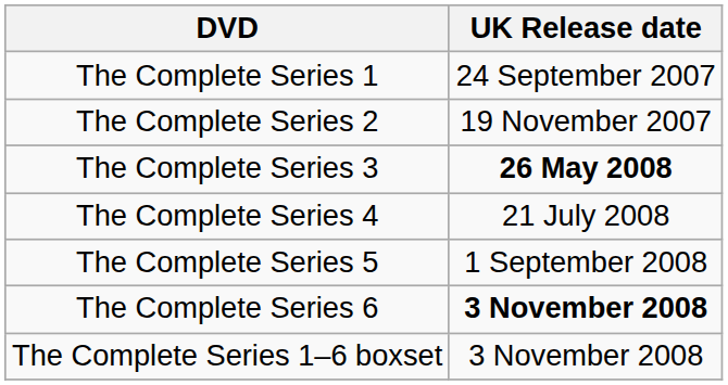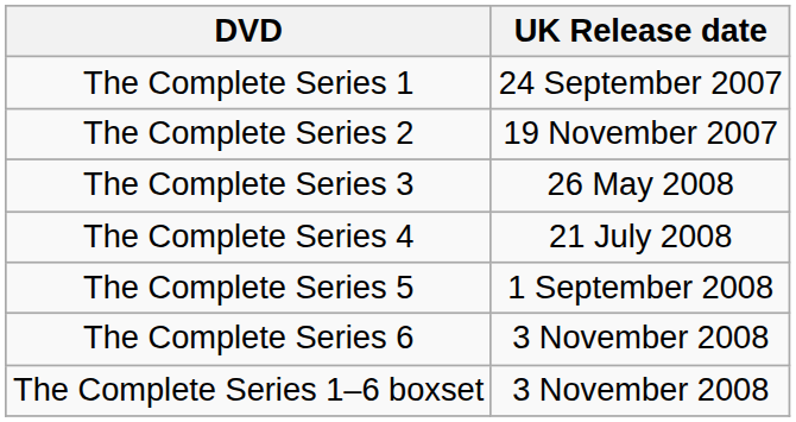 <table class="wikitable" style="text-align:center">
 <tr>
 <th>DVD</th>
 <th>UK Release date</th>
 </tr>
 <tr>
 <td>The Complete Series 1</td>
 <td>24 September 2007</td>
 </tr>
 <tr>
 <td>The Complete Series 2</td>
 <td>19 November 2007</td>
 </tr>
 <tr>
 <td>The Complete Series 3</td>
-<td><strong>26 May 2008</strong></td>
+<td>26 May 2008</td>
 </tr>
 <tr>
 <td>The Complete Series 4</td>
 <td>21 July 2008</td>
 </tr>
 <tr>
 <td>The Complete Series 5</td>
 <td>1 September 2008</td>
 </tr>
 <tr>
 <td>The Complete Series 6</td>
-<td><strong>3 November 2008</strong></td>
+<td>3 November 2008</td>
 </tr>
 <tr>
 <td>The Complete Series 1–6 boxset</td>
 <td>3 November 2008</td>
 </tr>
 </table>
